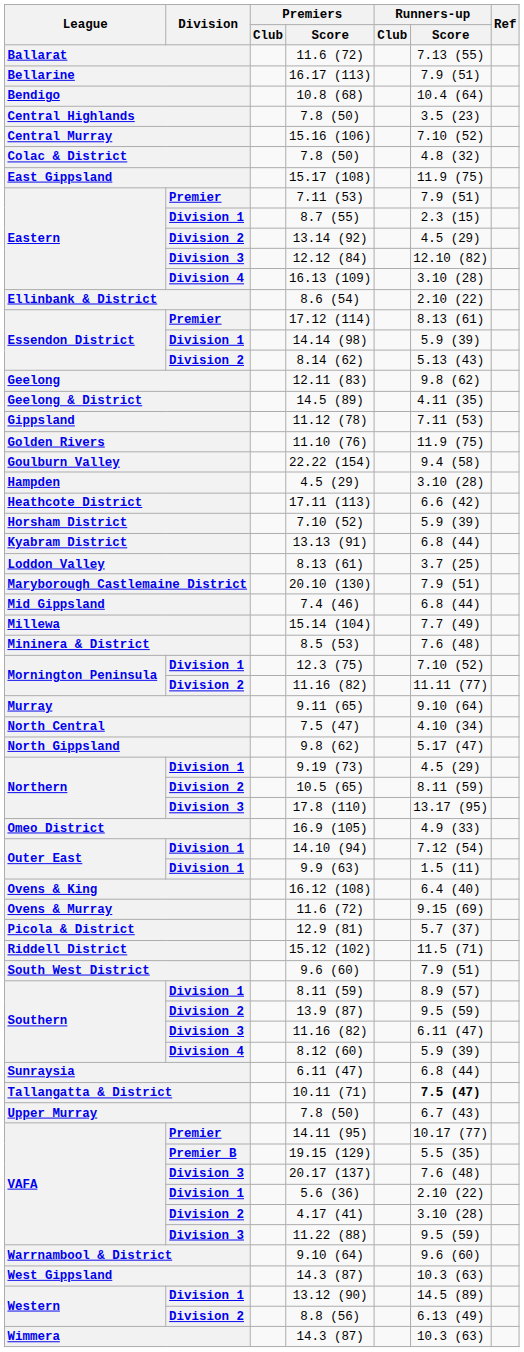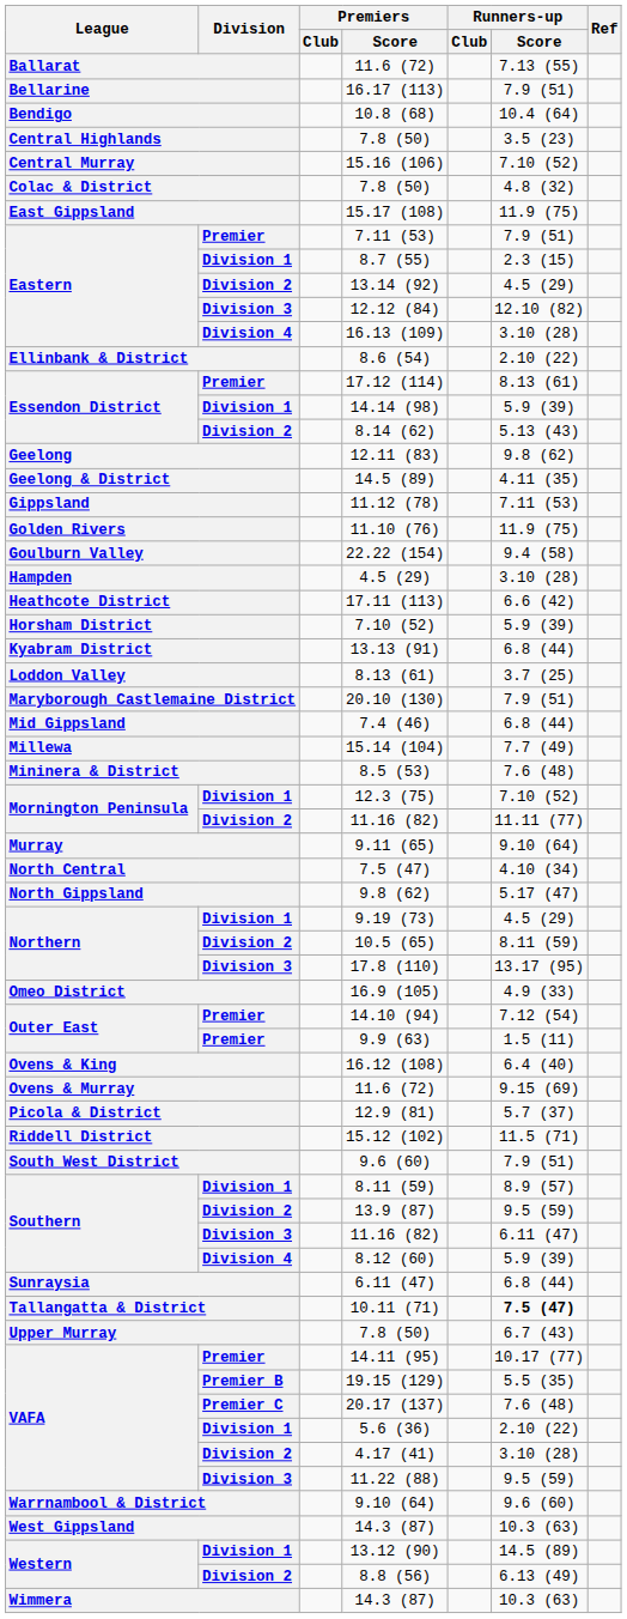 <table class="wikitable" style="text-align:left; text-valign:center">
 <tr>
 <th rowspan=2>League</th>
 <th rowspan=2>Division</th>
 <th colspan=2>Premiers</th>
 <th colspan=2>Runners-up</th>
 <th rowspan=2>Ref</th>
 </tr>
 <tr>
 <th>Club</th>
 <th>Score</th>
 <th>Club</th>
 <th>Score</th>
 </tr>
 <tr>
 <th style=text-align:left; colspan=2><a href='#'>Ballarat</a></th>
 <td></td>
 <td align=center>11.6 (72)</td>
 <td></td>
 <td align=center>7.13 (55)</td>
 <td align=center></td>
 </tr>
 <tr>
 <th style=text-align:left; colspan=2><a href='#'>Bellarine</a></th>
 <td></td>
 <td align=center>16.17 (113)</td>
 <td></td>
 <td align=center>7.9 (51)</td>
 <td align=center></td>
 </tr>
 <tr>
 <th style=text-align:left; colspan=2><a href='#'>Bendigo</a></th>
 <td></td>
 <td align=center>10.8 (68)</td>
 <td></td>
 <td align=center>10.4 (64)</td>
 <td align=center></td>
 </tr>
 <tr>
 <th style=text-align:left; colspan=2><a href='#'>Central Highlands</a></th>
 <td></td>
 <td align=center>7.8 (50)</td>
 <td></td>
 <td align=center>3.5 (23)</td>
 <td align=center></td>
 </tr>
 <tr>
 <th style=text-align:left; colspan=2><a href='#'>Central Murray</a></th>
 <td></td>
 <td align=center>15.16 (106)</td>
 <td></td>
 <td align=center>7.10 (52)</td>
 <td align=center></td>
 </tr>
 <tr>
 <th style=text-align:left; colspan=2><a href='#'>Colac & District</a></th>
 <td></td>
 <td align=center>7.8 (50)</td>
 <td></td>
 <td align=center>4.8 (32)</td>
 <td align=center></td>
 </tr>
 <tr>
 <th style=text-align:left; colspan=2><a href='#'>East Gippsland</a></th>
 <td></td>
 <td align=center>15.17 (108)</td>
 <td></td>
 <td align=center>11.9 (75)</td>
 <td align=center></td>
 </tr>
 <tr>
 <th style=text-align:left; rowspan=5><a href='#'>Eastern</a></th>
 <th style=text-align:left><a href='#'>Premier</a></th>
 <td></td>
 <td align=center>7.11 (53)</td>
 <td></td>
 <td align=center>7.9 (51)</td>
 <td align=center></td>
 </tr>
 <tr>
 <th style=text-align:left><a href='#'>Division 1</a></th>
 <td></td>
 <td align=center>8.7 (55)</td>
 <td></td>
 <td align=center>2.3 (15)</td>
 <td align=center></td>
 </tr>
 <tr>
 <th style=text-align:left><a href='#'>Division 2</a></th>
 <td></td>
 <td align=center>13.14 (92)</td>
 <td></td>
 <td align=center>4.5 (29)</td>
 <td align=center></td>
 </tr>
 <tr>
 <th style=text-align:left><a href='#'>Division 3</a></th>
 <td></td>
 <td align=center>12.12 (84)</td>
 <td></td>
 <td align=center>12.10 (82)</td>
 <td align=center></td>
 </tr>
 <tr>
 <th style=text-align:left><a href='#'>Division 4</a></th>
 <td></td>
 <td align=center>16.13 (109)</td>
 <td></td>
 <td align=center>3.10 (28)</td>
 <td align=center></td>
 </tr>
 <tr>
 <th style=text-align:left; colspan=2><a href='#'>Ellinbank & District</a></th>
 <td></td>
 <td align=center>8.6 (54)</td>
 <td></td>
 <td align=center>2.10 (22)</td>
 <td align=center></td>
 </tr>
 <tr>
 <th style=text-align:left; rowspan=3><a href='#'>Essendon District</a></th>
 <th style=text-align:left><a href='#'>Premier</a></th>
 <td></td>
 <td align=center>17.12 (114)</td>
 <td></td>
 <td align=center>8.13 (61)</td>
 <td align=center></td>
 </tr>
 <tr>
 <th style=text-align:left><a href='#'>Division 1</a></th>
 <td></td>
 <td align=center>14.14 (98)</td>
 <td></td>
 <td align=center>5.9 (39)</td>
 <td align=center></td>
 </tr>
 <tr>
 <th style=text-align:left><a href='#'>Division 2</a></th>
 <td></td>
 <td align=center>8.14 (62)</td>
 <td></td>
 <td align=center>5.13 (43)</td>
 <td align=center></td>
 </tr>
 <tr>
 <th style=text-align:left; colspan=2><a href='#'>Geelong</a></th>
 <td></td>
 <td align=center>12.11 (83)</td>
 <td></td>
 <td align=center>9.8 (62)</td>
 <td align=center></td>
 </tr>
 <tr>
 <th style=text-align:left; colspan=2><a href='#'>Geelong & District</a></th>
 <td></td>
 <td align=center>14.5 (89)</td>
 <td></td>
 <td align=center>4.11 (35)</td>
 <td align=center></td>
 </tr>
 <tr>
 <th style=text-align:left; colspan=2><a href='#'>Gippsland</a></th>
 <td></td>
 <td align=center>11.12 (78)</td>
 <td></td>
 <td align=center>7.11 (53)</td>
 <td align=center></td>
 </tr>
 <tr>
 <th style=text-align:left; colspan=2><a href='#'>Golden Rivers</a></th>
 <td></td>
 <td align=center>11.10 (76)</td>
 <td></td>
 <td align=center>11.9 (75)</td>
 <td align=center></td>
 </tr>
 <tr>
 <th style=text-align:left; colspan=2><a href='#'>Goulburn Valley</a></th>
 <td></td>
 <td align=center>22.22 (154)</td>
 <td></td>
 <td align=center>9.4 (58)</td>
 <td align=center></td>
 </tr>
 <tr>
 <th style=text-align:left; colspan=2><a href='#'>Hampden</a></th>
 <td></td>
 <td align=center>4.5 (29)</td>
 <td></td>
 <td align=center>3.10 (28)</td>
 <td align=center></td>
 </tr>
 <tr>
 <th style=text-align:left; colspan=2><a href='#'>Heathcote District</a></th>
 <td></td>
 <td align=center>17.11 (113)</td>
 <td></td>
 <td align=center>6.6 (42)</td>
 <td align=center></td>
 </tr>
 <tr>
 <th style=text-align:left; colspan=2><a href='#'>Horsham District</a></th>
 <td></td>
 <td align=center>7.10 (52)</td>
 <td></td>
 <td align=center>5.9 (39)</td>
 <td align=center></td>
 </tr>
 <tr>
 <th style=text-align:left; colspan=2><a href='#'>Kyabram District</a></th>
 <td></td>
 <td align=center>13.13 (91)</td>
 <td></td>
 <td align=center>6.8 (44)</td>
 <td align=center></td>
 </tr>
 <tr>
 <th style=text-align:left; colspan=2><a href='#'>Loddon Valley</a></th>
 <td></td>
 <td align=center>8.13 (61)</td>
 <td></td>
 <td align=center>3.7 (25)</td>
 <td align=center></td>
 </tr>
 <tr>
 <th style=text-align:left; colspan=2><a href='#'>Maryborough Castlemaine District</a></th>
 <td></td>
 <td align=center>20.10 (130)</td>
 <td></td>
 <td align=center>7.9 (51)</td>
 <td align=center></td>
 </tr>
 <tr>
 <th style=text-align:left; colspan=2><a href='#'>Mid Gippsland</a></th>
 <td></td>
 <td align=center>7.4 (46)</td>
 <td></td>
 <td align=center>6.8 (44)</td>
 <td align=center></td>
 </tr>
 <tr>
 <th style=text-align:left; colspan=2><a href='#'>Millewa</a></th>
 <td></td>
 <td align=center>15.14 (104)</td>
 <td></td>
 <td align=center>7.7 (49)</td>
 <td align=center></td>
 </tr>
 <tr>
 <th style=text-align:left; colspan=2><a href='#'>Mininera & District</a></th>
 <td></td>
 <td align=center>8.5 (53)</td>
 <td></td>
 <td align=center>7.6 (48)</td>
 <td align=center></td>
 </tr>
 <tr>
 <th style=text-align:left; rowspan=2><a href='#'>Mornington Peninsula</a></th>
 <th style=text-align:left><a href='#'>Division 1</a></th>
 <td></td>
 <td align=center>12.3 (75)</td>
 <td></td>
 <td align=center>7.10 (52)</td>
 <td align=center></td>
 </tr>
 <tr>
 <th style=text-align:left><a href='#'>Division 2</a></th>
 <td></td>
 <td align=center>11.16 (82)</td>
 <td></td>
 <td align=center>11.11 (77)</td>
 <td align=center></td>
 </tr>
 <tr>
 <th style=text-align:left; colspan=2><a href='#'>Murray</a></th>
 <td></td>
 <td align=center>9.11 (65)</td>
 <td></td>
 <td align=center>9.10 (64)</td>
 <td align=center></td>
 </tr>
 <tr>
 <th style=text-align:left; colspan=2><a href='#'>North Central</a></th>
 <td></td>
 <td align=center>7.5 (47)</td>
 <td></td>
 <td align=center>4.10 (34)</td>
 <td align=center></td>
 </tr>
 <tr>
 <th style=text-align:left; colspan=2><a href='#'>North Gippsland</a></th>
 <td></td>
 <td align=center>9.8 (62)</td>
 <td></td>
 <td align=center>5.17 (47)</td>
 <td align=center></td>
 </tr>
 <tr>
 <th style=text-align:left; rowspan=3><a href='#'>Northern</a></th>
 <th style=text-align:left><a href='#'>Division 1</a></th>
 <td></td>
 <td align=center>9.19 (73)</td>
 <td></td>
 <td align=center>4.5 (29)</td>
 <td align=center></td>
 </tr>
 <tr>
 <th style=text-align:left><a href='#'>Division 2</a></th>
 <td></td>
 <td align=center>10.5 (65)</td>
 <td></td>
 <td align=center>8.11 (59)</td>
 <td align=center></td>
 </tr>
 <tr>
 <th style=text-align:left><a href='#'>Division 3</a></th>
 <td></td>
 <td align=center>17.8 (110)</td>
 <td></td>
 <td align=center>13.17 (95)</td>
 <td align=center></td>
 </tr>
 <tr>
 <th style=text-align:left; colspan=2><a href='#'>Omeo District</a></th>
 <td></td>
 <td align=center>16.9 (105)</td>
 <td></td>
 <td align=center>4.9 (33)</td>
 <td align=center></td>
 </tr>
 <tr>
 <th style=text-align:left; rowspan=2><a href='#'>Outer East</a></th>
-<th style=text-align:left><a href='#'>Division 1</a></th>
+<th style=text-align:left><a href='#'>Premier</a></th>
 <td></td>
 <td align=center>14.10 (94)</td>
 <td></td>
 <td align=center>7.12 (54)</td>
 <td align=center></td>
 </tr>
 <tr>
-<th style=text-align:left><a href='#'>Division 1</a></th>
+<th style=text-align:left><a href='#'>Premier</a></th>
 <td></td>
 <td align=center>9.9 (63)</td>
 <td></td>
 <td align=center>1.5 (11)</td>
 <td align=center></td>
 </tr>
 <tr>
 <th style=text-align:left; colspan=2><a href='#'>Ovens & King</a></th>
 <td></td>
 <td align=center>16.12 (108)</td>
 <td></td>
 <td align=center>6.4 (40)</td>
 <td align=center></td>
 </tr>
 <tr>
 <th style=text-align:left; colspan=2><a href='#'>Ovens & Murray</a></th>
 <td></td>
 <td align=center>11.6 (72)</td>
 <td></td>
 <td align=center>9.15 (69)</td>
 <td align=center></td>
 </tr>
 <tr>
 <th style=text-align:left; colspan=2><a href='#'>Picola & District</a></th>
 <td></td>
 <td align=center>12.9 (81)</td>
 <td></td>
 <td align=center>5.7 (37)</td>
 <td align=center></td>
 </tr>
 <tr>
 <th style=text-align:left; colspan=2><a href='#'>Riddell District</a></th>
 <td></td>
 <td align=center>15.12 (102)</td>
 <td></td>
 <td align=center>11.5 (71)</td>
 <td align=center></td>
 </tr>
 <tr>
 <th style=text-align:left; colspan=2><a href='#'>South West District</a></th>
 <td></td>
 <td align=center>9.6 (60)</td>
 <td></td>
 <td align=center>7.9 (51)</td>
 <td align=center></td>
 </tr>
 <tr>
 <th style=text-align:left; rowspan=4><a href='#'>Southern</a></th>
 <th style=text-align:left><a href='#'>Division 1</a></th>
 <td></td>
 <td align=center>8.11 (59)</td>
 <td></td>
 <td align=center>8.9 (57)</td>
 <td align=center></td>
 </tr>
 <tr>
 <th style=text-align:left><a href='#'>Division 2</a></th>
 <td></td>
 <td align=center>13.9 (87)</td>
 <td></td>
 <td align=center>9.5 (59)</td>
 <td align=center></td>
 </tr>
 <tr>
 <th style=text-align:left><a href='#'>Division 3</a></th>
 <td></td>
 <td align=center>11.16 (82)</td>
 <td></td>
 <td align=center>6.11 (47)</td>
 <td align=center></td>
 </tr>
 <tr>
 <th style=text-align:left><a href='#'>Division 4</a></th>
 <td></td>
 <td align=center>8.12 (60)</td>
 <td></td>
 <td align=center>5.9 (39)</td>
 <td align=center></td>
 </tr>
 <tr>
 <th style=text-align:left; colspan=2><a href='#'>Sunraysia</a></th>
 <td></td>
 <td align=center>6.11 (47)</td>
 <td></td>
 <td align=center>6.8 (44)</td>
 <td align=center></td>
 </tr>
 <tr>
 <th style=text-align:left; colspan=2><a href='#'>Tallangatta & District</a></th>
 <td></td>
 <td align=center>10.11 (71)</td>
 <td></td>
 <td align=center><strong>7.5 (47)</strong></td>
 <td align=center></td>
 </tr>
 <tr>
 <th style=text-align:left; colspan=2><a href='#'>Upper Murray</a></th>
 <td></td>
 <td align=center>7.8 (50)</td>
 <td></td>
 <td align=center>6.7 (43)</td>
 <td align=center></td>
 </tr>
 <tr>
 <th style=text-align:left; rowspan=6><a href='#'>VAFA</a></th>
 <th style=text-align:left><a href='#'>Premier</a></th>
 <td></td>
 <td align=center>14.11 (95)</td>
 <td></td>
 <td align=center>10.17 (77)</td>
 <td align=center></td>
 </tr>
 <tr>
 <th style=text-align:left><a href='#'>Premier B</a></th>
 <td></td>
 <td align=center>19.15 (129)</td>
 <td></td>
 <td align=center>5.5 (35)</td>
 <td align=center></td>
 </tr>
 <tr>
-<th style=text-align:left><a href='#'>Division 3</a></th>
+<th style=text-align:left><a href='#'>Premier C</a></th>
 <td></td>
 <td align=center>20.17 (137)</td>
 <td></td>
 <td align=center>7.6 (48)</td>
 <td align=center></td>
 </tr>
 <tr>
 <th style=text-align:left><a href='#'>Division 1</a></th>
 <td></td>
 <td align=center>5.6 (36)</td>
 <td></td>
 <td align=center>2.10 (22)</td>
 <td align=center></td>
 </tr>
 <tr>
 <th style=text-align:left><a href='#'>Division 2</a></th>
 <td></td>
 <td align=center>4.17 (41)</td>
 <td></td>
 <td align=center>3.10 (28)</td>
 <td align=center></td>
 </tr>
 <tr>
 <th style=text-align:left><a href='#'>Division 3</a></th>
 <td></td>
 <td align=center>11.22 (88)</td>
 <td></td>
 <td align=center>9.5 (59)</td>
 <td align=center></td>
 </tr>
 <tr>
 <th style=text-align:left; colspan=2><a href='#'>Warrnambool & District</a></th>
 <td></td>
 <td align=center>9.10 (64)</td>
 <td></td>
 <td align=center>9.6 (60)</td>
 <td align=center></td>
 </tr>
 <tr>
 <th style=text-align:left; colspan=2><a href='#'>West Gippsland</a></th>
 <td></td>
 <td align=center>14.3 (87)</td>
 <td></td>
 <td align=center>10.3 (63)</td>
 <td align=center></td>
 </tr>
 <tr>
 <th style=text-align:left; rowspan=2><a href='#'>Western</a></th>
 <th style=text-align:left><a href='#'>Division 1</a></th>
 <td></td>
 <td align=center>13.12 (90)</td>
 <td></td>
 <td align=center>14.5 (89)</td>
 <td align=center></td>
 </tr>
 <tr>
 <th style=text-align:left><a href='#'>Division 2</a></th>
 <td></td>
 <td align=center>8.8 (56)</td>
 <td></td>
 <td align=center>6.13 (49)</td>
 <td align=center></td>
 </tr>
 <tr>
 <th style=text-align:left; colspan=2><a href='#'>Wimmera</a></th>
 <td></td>
 <td align=center>14.3 (87)</td>
 <td></td>
 <td align=center>10.3 (63)</td>
 <td align=center></td>
 </tr>
 </table>
